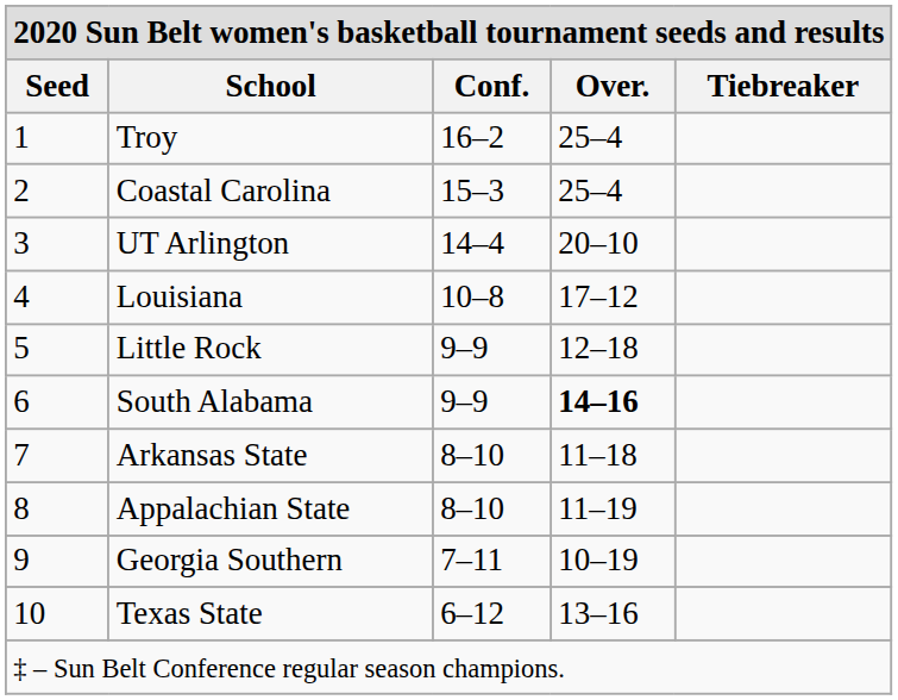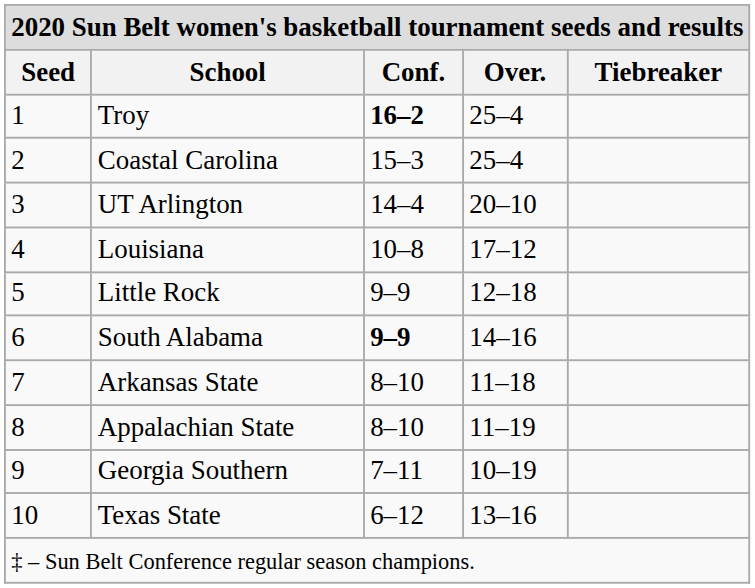 <table class="wikitable" style="white-space:nowrap; font-size:90%;">
 <tr>
 <td colspan="6" style="text-align:center; background:#DDDDDD; font:#000000"><strong>2020 Sun Belt women's basketball tournament seeds and results</strong></td>
 </tr>
 <tr bgcolor="#efefef">
 <th>Seed</th>
 <th>School</th>
 <th>Conf.</th>
 <th>Over.</th>
 <th>Tiebreaker</th>
 </tr>
 <tr>
 <td>1</td>
 <td>Troy</td>
-<td>16–2</td>
+<td><strong>16–2</strong></td>
 <td>25–4</td>
 <td></td>
 </tr>
 <tr>
 <td>2</td>
 <td>Coastal Carolina</td>
 <td>15–3</td>
 <td>25–4</td>
 <td></td>
 </tr>
 <tr>
 <td>3</td>
 <td>UT Arlington</td>
 <td>14–4</td>
 <td>20–10</td>
 <td></td>
 </tr>
 <tr>
 <td>4</td>
 <td>Louisiana</td>
 <td>10–8</td>
 <td>17–12</td>
 <td></td>
 </tr>
 <tr>
 <td>5</td>
 <td>Little Rock</td>
 <td>9–9</td>
 <td>12–18</td>
 <td></td>
 </tr>
 <tr>
 <td>6</td>
 <td>South Alabama</td>
-<td>9–9</td>
-<td><strong>14–16</strong></td>
+<td><strong>9–9</strong></td>
+<td>14–16</td>
 <td></td>
 </tr>
 <tr>
 <td>7</td>
 <td>Arkansas State</td>
 <td>8–10</td>
 <td>11–18</td>
 <td></td>
 </tr>
 <tr>
 <td>8</td>
 <td>Appalachian State</td>
 <td>8–10</td>
 <td>11–19</td>
 <td></td>
 </tr>
 <tr>
 <td>9</td>
 <td>Georgia Southern</td>
 <td>7–11</td>
 <td>10–19</td>
 <td></td>
 </tr>
 <tr>
 <td>10</td>
 <td>Texas State</td>
 <td>6–12</td>
 <td>13–16</td>
 <td></td>
 </tr>
 <tr>
 <td colspan="6" style="text-align:left;"><small>‡ – Sun Belt Conference regular season champions.</small></td>
 </tr>
 </table>
